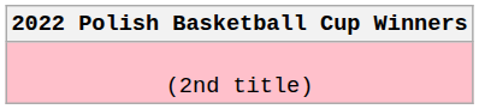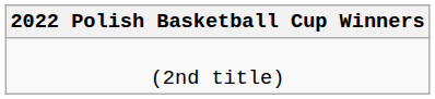 <table class=wikitable style="text-align:center; margin:auto">
 <tr>
 <th>2022 Polish Basketball Cup Winners</th>
 </tr>
 <tr>
-<td style="background: pink;"><strong></strong><br>(2nd title)</td>
+<td><strong></strong><br>(2nd title)</td>
 </tr>
 </table>
